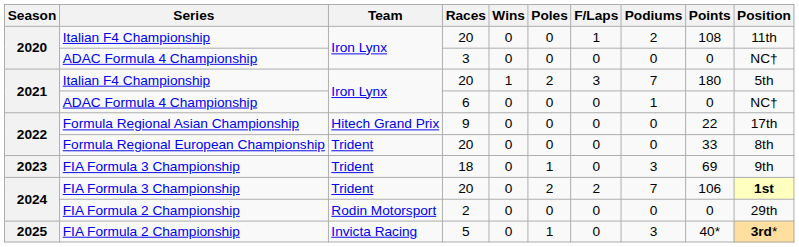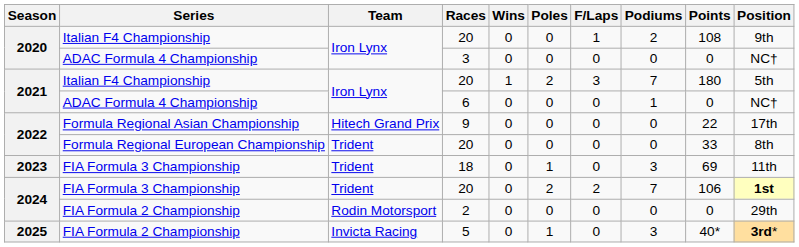 <table class="wikitable" style="font-size: 90%; text-align:center;">
 <tr>
 <th scope="col">Season</th>
 <th scope="col">Series</th>
 <th scope="col">Team</th>
 <th scope="col">Races</th>
 <th scope="col">Wins</th>
 <th scope="col">Poles</th>
 <th scope="col">F/Laps</th>
 <th scope="col">Podiums</th>
 <th scope="col">Points</th>
 <th scope="col">Position</th>
 </tr>
 <tr>
 <th scope="row" rowspan="2">2020</th>
 <td style="text-align:left;"><a href='#'>Italian F4 Championship</a></td>
 <td style="text-align:left;" rowspan="2"><a href='#'>Iron Lynx</a></td>
 <td>20</td>
 <td>0</td>
 <td>0</td>
 <td>1</td>
 <td>2</td>
 <td>108</td>
-<td>11th</td>
+<td>9th</td>
 </tr>
 <tr>
 <td style="text-align:left;"><a href='#'>ADAC Formula 4 Championship</a></td>
 <td>3</td>
 <td>0</td>
 <td>0</td>
 <td>0</td>
 <td>0</td>
 <td>0</td>
 <td>NC†</td>
 </tr>
 <tr>
 <th scope="row" rowspan="2">2021</th>
 <td style="text-align:left;"><a href='#'>Italian F4 Championship</a></td>
 <td style="text-align:left;" rowspan="2"><a href='#'>Iron Lynx</a></td>
 <td>20</td>
 <td>1</td>
 <td>2</td>
 <td>3</td>
 <td>7</td>
 <td>180</td>
 <td>5th</td>
 </tr>
 <tr>
 <td style="text-align:left;"><a href='#'>ADAC Formula 4 Championship</a></td>
 <td>6</td>
 <td>0</td>
 <td>0</td>
 <td>0</td>
 <td>1</td>
 <td>0</td>
 <td>NC†</td>
 </tr>
 <tr>
 <th scope="row" rowspan="2">2022</th>
 <td style="text-align:left;"><a href='#'>Formula Regional Asian Championship</a></td>
 <td style="text-align:left;"><a href='#'>Hitech Grand Prix</a></td>
 <td>9</td>
 <td>0</td>
 <td>0</td>
 <td>0</td>
 <td>0</td>
 <td>22</td>
 <td>17th</td>
 </tr>
 <tr>
 <td style="text-align:left;"><a href='#'>Formula Regional European Championship</a></td>
 <td style="text-align:left;"><a href='#'>Trident</a></td>
 <td>20</td>
 <td>0</td>
 <td>0</td>
 <td>0</td>
 <td>0</td>
 <td>33</td>
 <td>8th</td>
 </tr>
 <tr>
 <th scope="row">2023</th>
 <td style="text-align:left;"><a href='#'>FIA Formula 3 Championship</a></td>
 <td style="text-align:left;"><a href='#'>Trident</a></td>
 <td>18</td>
 <td>0</td>
 <td>1</td>
 <td>0</td>
 <td>3</td>
 <td>69</td>
-<td>9th</td>
+<td>11th</td>
 </tr>
 <tr>
 <th scope="row" rowspan="2">2024</th>
 <td style="text-align:left;"><a href='#'>FIA Formula 3 Championship</a></td>
 <td style="text-align:left;"><a href='#'>Trident</a></td>
 <td>20</td>
 <td>0</td>
 <td>2</td>
 <td>2</td>
 <td>7</td>
 <td>106</td>
 <td style="background:#FFFFBF;"><strong>1st</strong></td>
 </tr>
 <tr>
 <td style="text-align:left;"><a href='#'>FIA Formula 2 Championship</a></td>
 <td style="text-align:left;"><a href='#'>Rodin Motorsport</a></td>
 <td>2</td>
 <td>0</td>
 <td>0</td>
 <td>0</td>
 <td>0</td>
 <td>0</td>
 <td>29th</td>
 </tr>
 <tr>
 <th scope="row">2025</th>
 <td style="text-align:left;"><a href='#'>FIA Formula 2 Championship</a></td>
 <td style="text-align:left;"><a href='#'>Invicta Racing</a></td>
 <td>5</td>
 <td>0</td>
 <td>1</td>
 <td>0</td>
 <td>3</td>
 <td>40*</td>
 <td style="background:#FFDF9F;"><strong>3rd</strong>*</td>
 </tr>
 </table>
